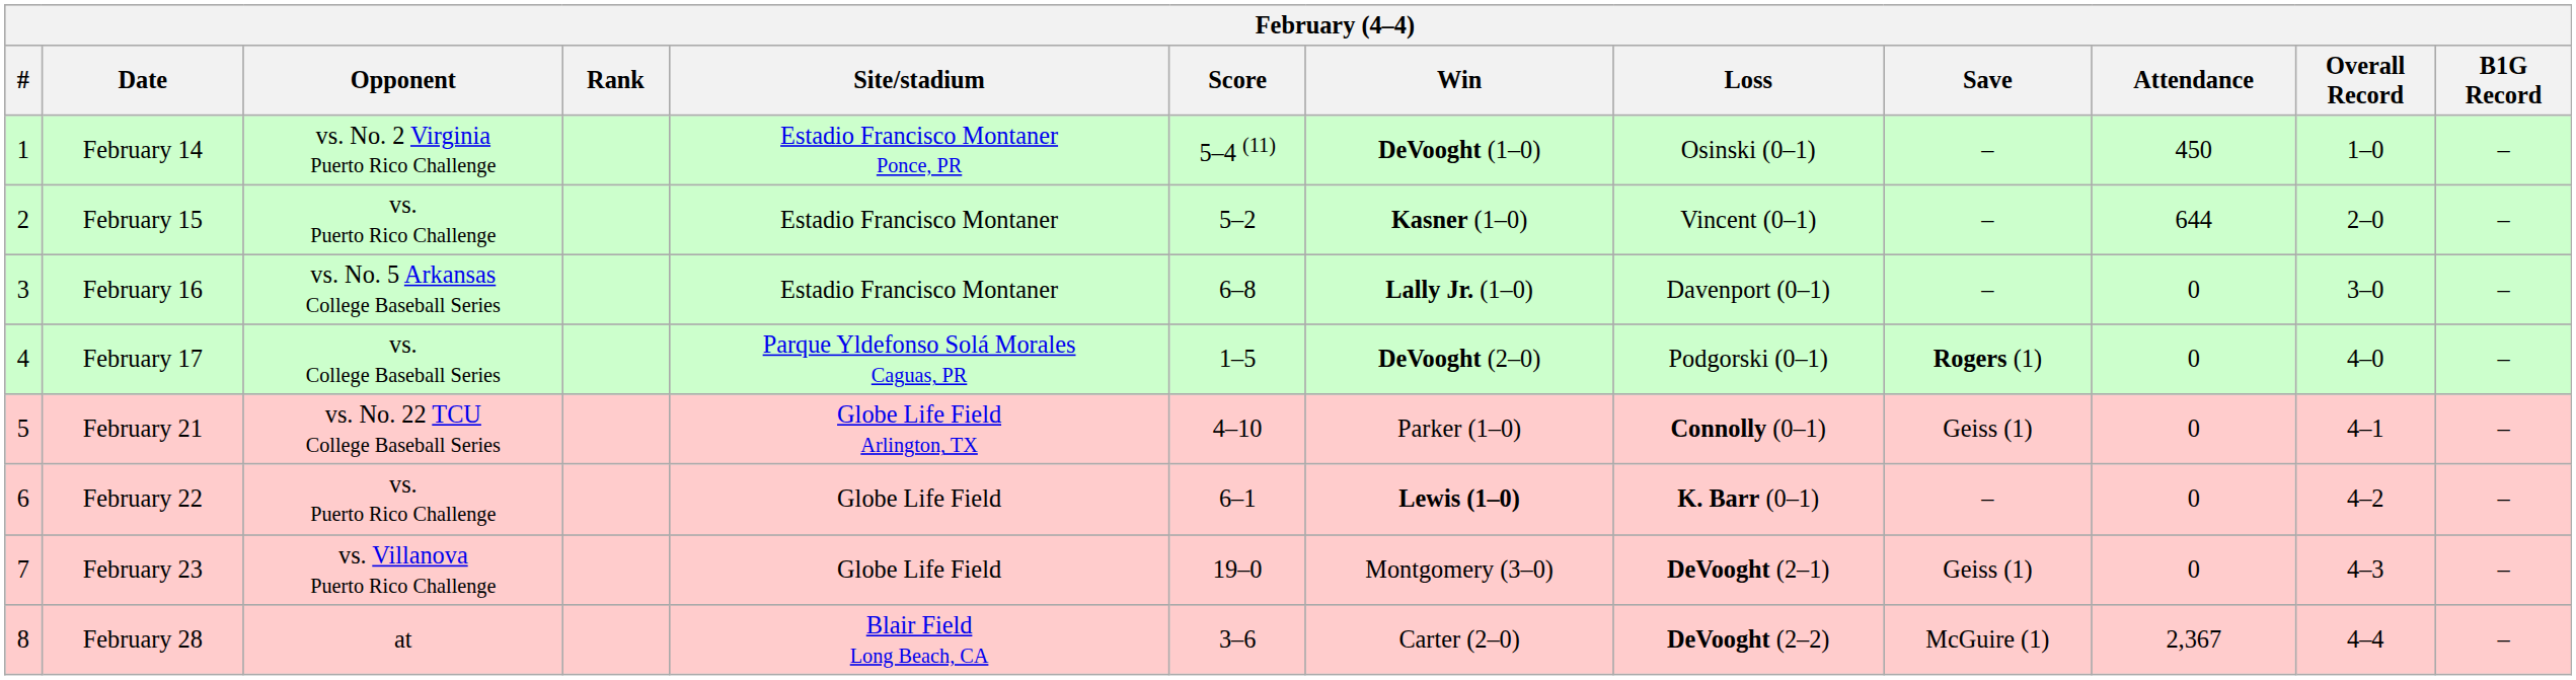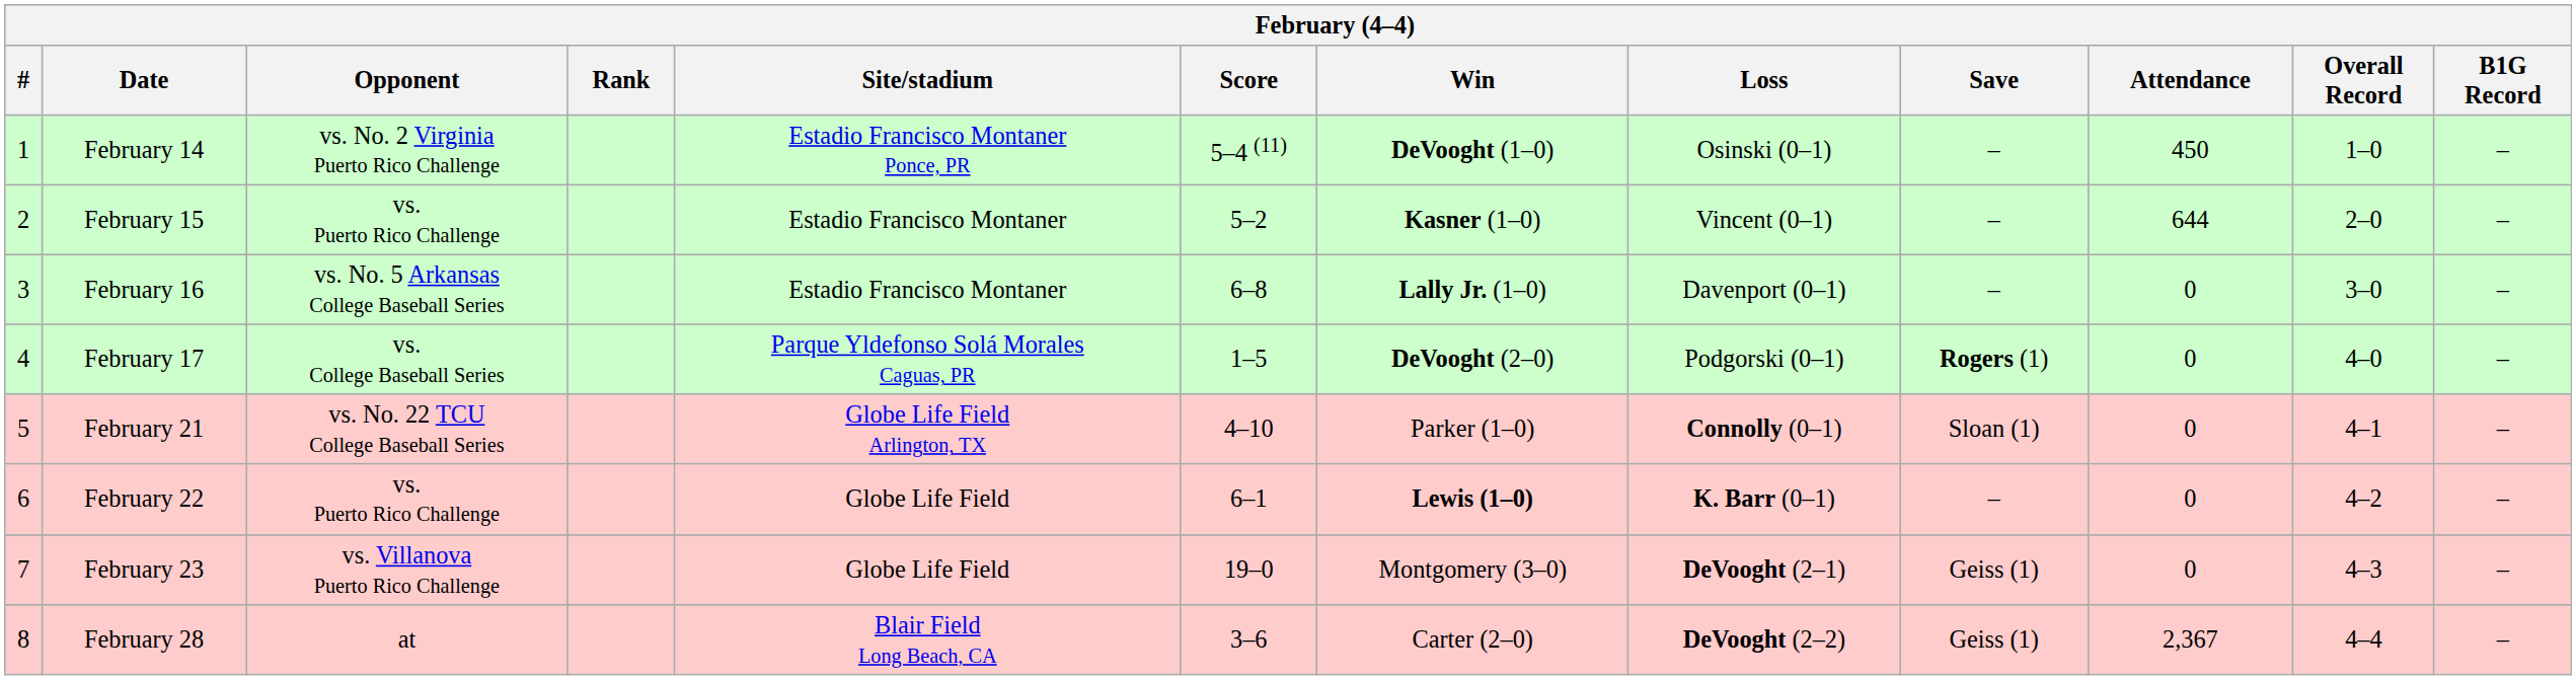 <table class="wikitable collapsible collapsed" style="margin:auto; width:100%; text-align:center; font-size:95%">
 <tr>
 <th colspan=12 style="padding-left:4em;">February (4–4)</th>
 </tr>
 <tr>
 <th>#</th>
 <th>Date</th>
 <th>Opponent</th>
 <th>Rank</th>
 <th>Site/stadium</th>
 <th>Score</th>
 <th>Win</th>
 <th>Loss</th>
 <th>Save</th>
 <th>Attendance</th>
 <th>Overall<br>Record</th>
 <th>B1G<br>Record</th>
 </tr>
 <tr align="center" bgcolor="#ccffcc">
 <td>1</td>
 <td>February 14</td>
 <td>vs. No. 2 <a href='#'>Virginia</a><br><small>Puerto Rico Challenge</small></td>
 <td></td>
 <td><a href='#'>Estadio Francisco Montaner</a><br><small><a href='#'>Ponce, PR</a></small></td>
 <td>5–4 <sup>(11)</sup></td>
 <td><strong>DeVooght</strong> (1–0)</td>
 <td>Osinski (0–1)</td>
 <td>–</td>
 <td>450</td>
 <td>1–0</td>
 <td>–</td>
 </tr>
 <tr align="center" bgcolor="#ccffcc">
 <td>2</td>
 <td>February 15</td>
 <td>vs. <br><small>Puerto Rico Challenge</small></td>
 <td></td>
 <td>Estadio Francisco Montaner</td>
 <td>5–2</td>
 <td><strong>Kasner</strong> (1–0)</td>
 <td>Vincent (0–1)</td>
 <td>–</td>
 <td>644</td>
 <td>2–0</td>
 <td>–</td>
 </tr>
 <tr align="center" bgcolor="#ccffcc">
 <td>3</td>
 <td>February 16</td>
 <td>vs. No. 5 <a href='#'>Arkansas</a><br><small> College Baseball Series</small></td>
 <td></td>
 <td>Estadio Francisco Montaner</td>
 <td>6–8</td>
 <td><strong>Lally Jr.</strong> (1–0)</td>
 <td>Davenport (0–1)</td>
 <td>–</td>
 <td>0</td>
 <td>3–0</td>
 <td>–</td>
 </tr>
 <tr align="center" bgcolor="#ccffcc">
 <td>4</td>
 <td>February 17</td>
 <td>vs. <br><small> College Baseball Series</small></td>
 <td></td>
 <td><a href='#'>Parque Yldefonso Solá Morales</a><br><small><a href='#'>Caguas, PR</a></small></td>
 <td>1–5</td>
 <td><strong>DeVooght</strong> (2–0)</td>
 <td>Podgorski (0–1)</td>
 <td><strong>Rogers</strong> (1)</td>
 <td>0</td>
 <td>4–0</td>
 <td>–</td>
 </tr>
 <tr align="center" bgcolor="ffcccc">
 <td>5</td>
 <td>February 21</td>
 <td>vs. No. 22 <a href='#'>TCU</a><br><small> College Baseball Series</small></td>
 <td></td>
 <td><a href='#'>Globe Life Field</a><br><small><a href='#'>Arlington, TX</a></small></td>
 <td>4–10</td>
 <td>Parker (1–0)</td>
 <td><strong>Connolly</strong> (0–1)</td>
-<td>Geiss (1)</td>
+<td>Sloan (1)</td>
 <td>0</td>
 <td>4–1</td>
 <td>–</td>
 </tr>
 <tr align="center" bgcolor="ffcccc">
 <td>6</td>
 <td>February 22</td>
 <td>vs. <br><small>Puerto Rico Challenge</small></td>
 <td></td>
 <td>Globe Life Field</td>
 <td>6–1</td>
 <td><strong>Lewis (1–0)</strong></td>
 <td><strong>K. Barr</strong> (0–1)</td>
 <td>–</td>
 <td>0</td>
 <td>4–2</td>
 <td>–</td>
 </tr>
 <tr align="center" bgcolor="ffcccc">
 <td>7</td>
 <td>February 23</td>
 <td>vs. <a href='#'>Villanova</a><br><small>Puerto Rico Challenge</small></td>
 <td></td>
 <td>Globe Life Field</td>
 <td>19–0</td>
 <td>Montgomery (3–0)</td>
 <td><strong>DeVooght</strong> (2–1)</td>
 <td>Geiss (1)</td>
 <td>0</td>
 <td>4–3</td>
 <td>–</td>
 </tr>
 <tr align="center" bgcolor="ffcccc">
 <td>8</td>
 <td>February 28</td>
 <td>at </td>
 <td></td>
 <td><a href='#'>Blair Field</a><br><small><a href='#'>Long Beach, CA</a></small></td>
 <td>3–6</td>
 <td>Carter (2–0)</td>
 <td><strong>DeVooght</strong> (2–2)</td>
-<td>McGuire (1)</td>
+<td>Geiss (1)</td>
 <td>2,367</td>
 <td>4–4</td>
 <td>–</td>
 </tr>
 </table>
